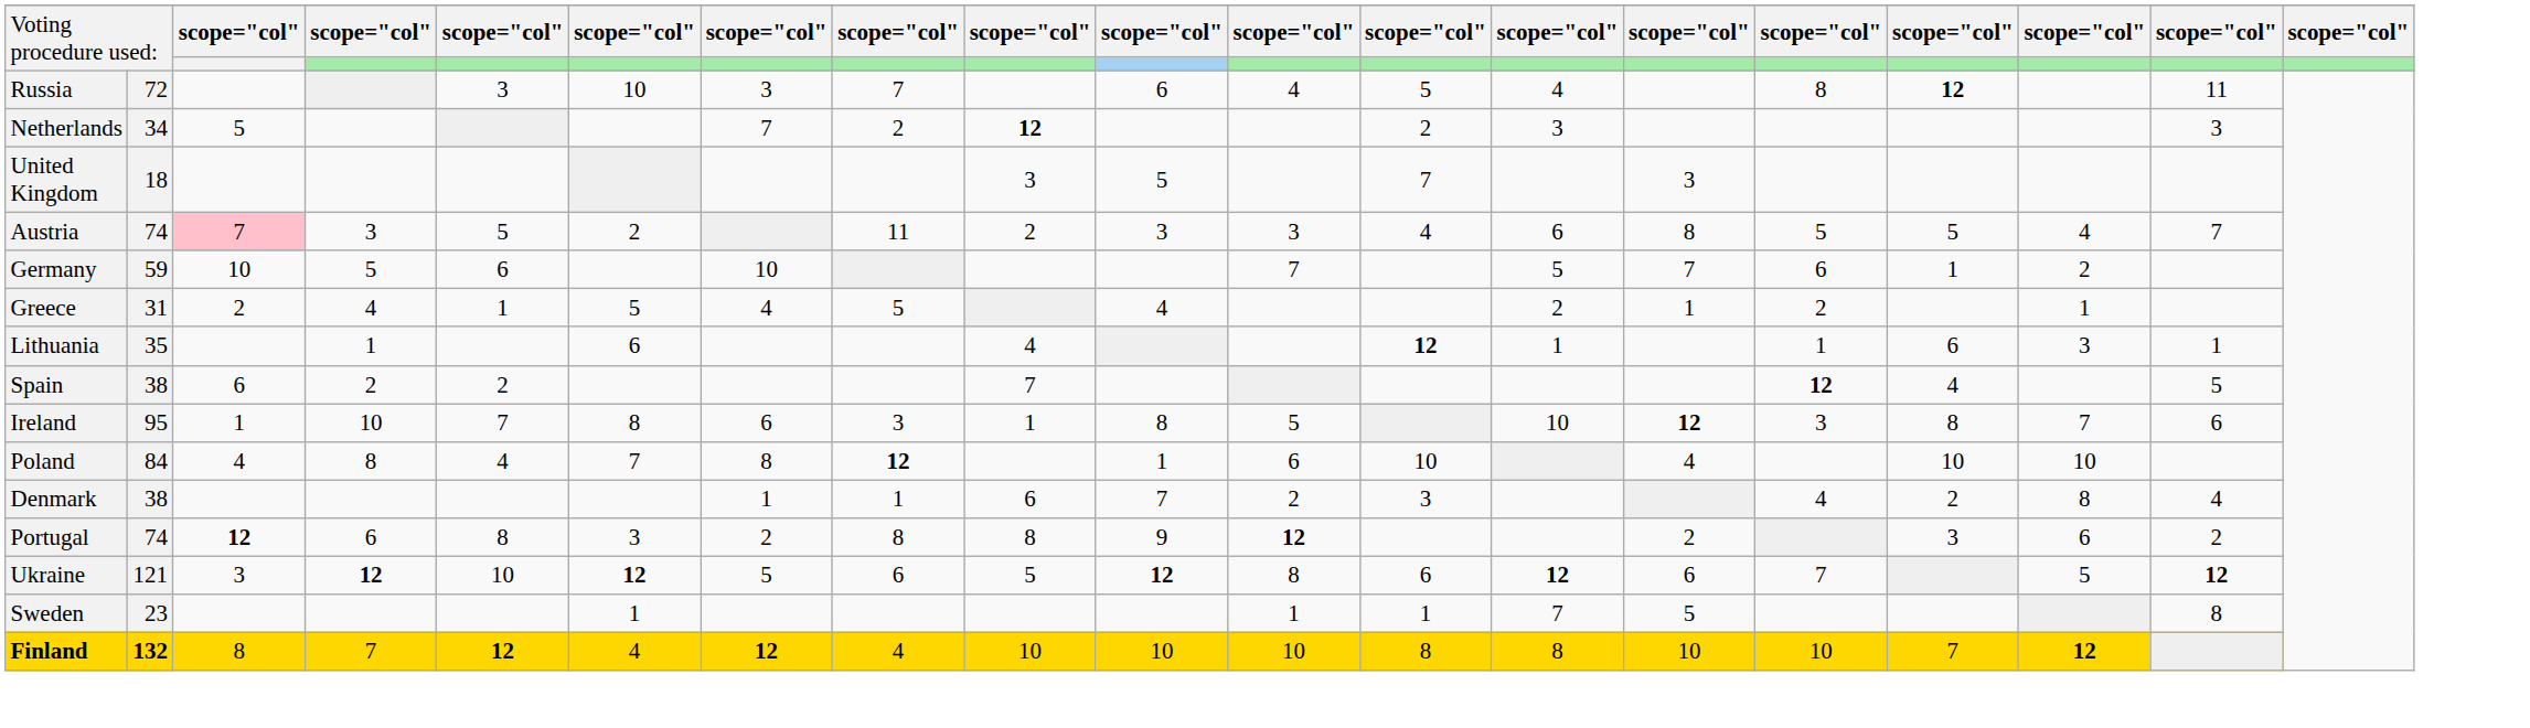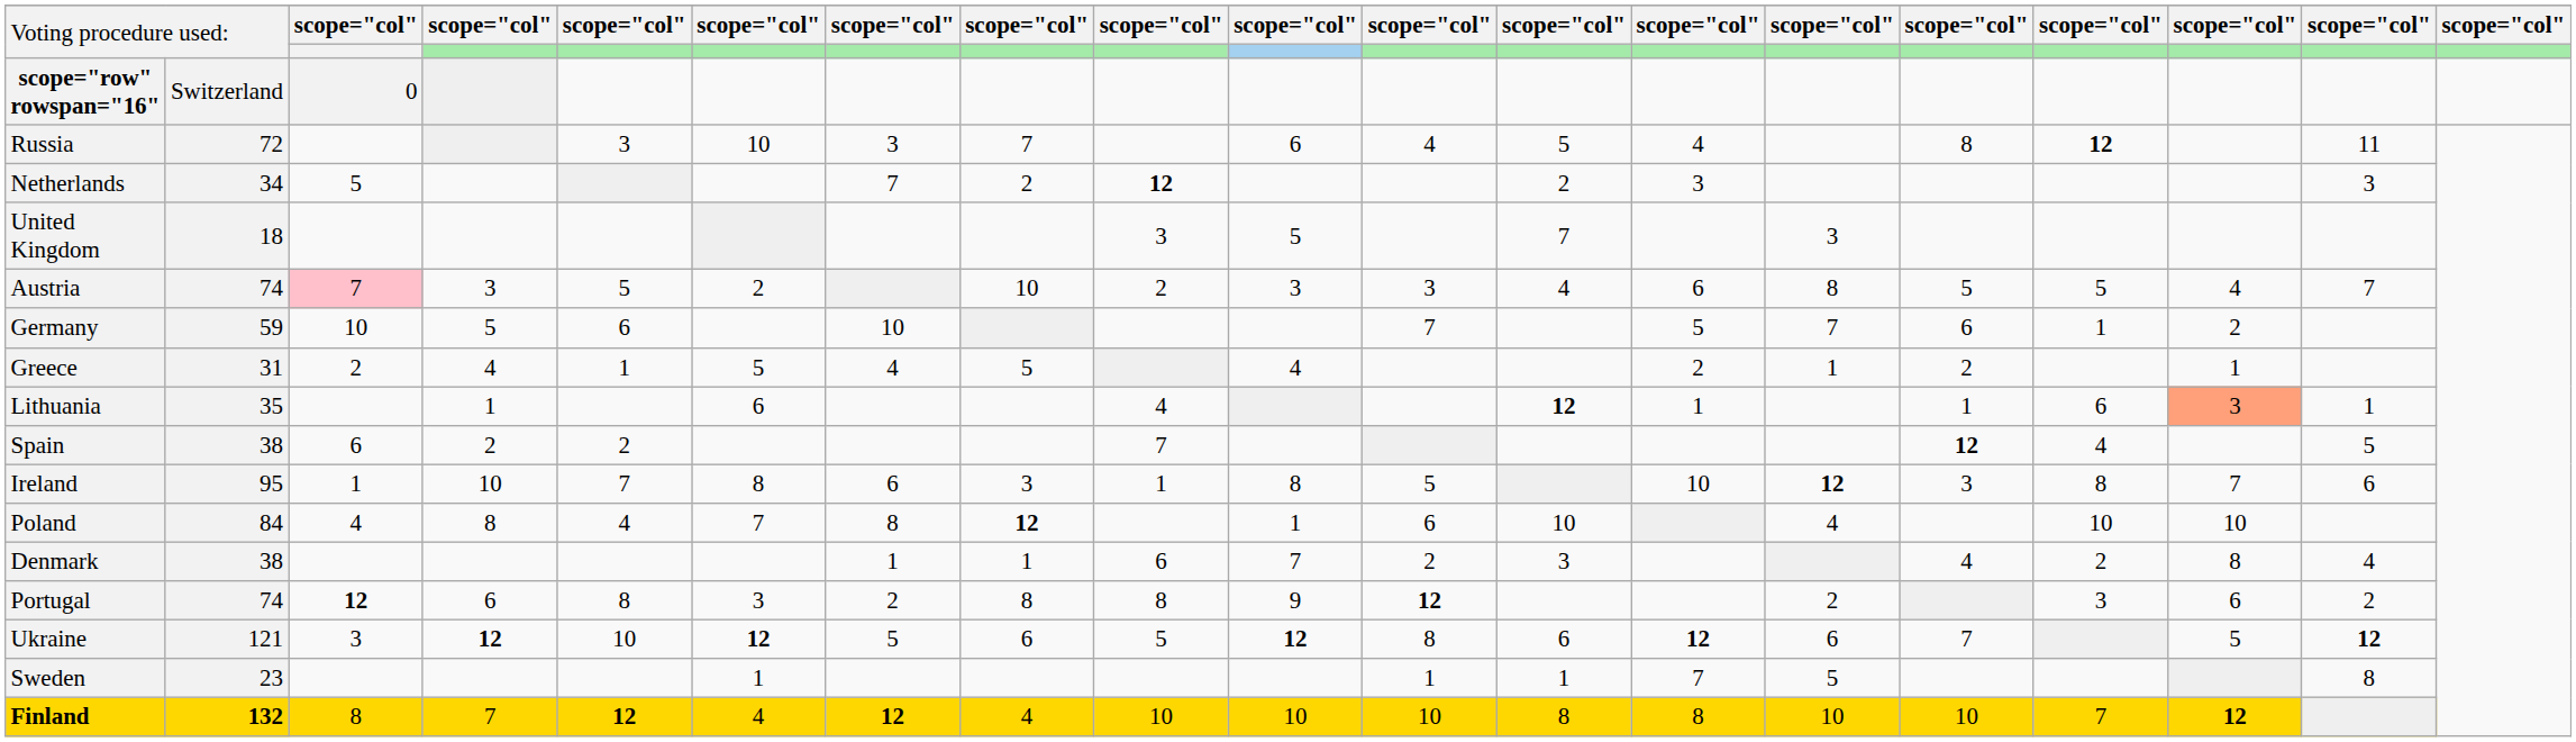 <table class="wikitable" style="text-align:center; font-size:95%;">
 <tr>
 </tr>
 <tr>
 <td colspan="2" rowspan="2" style="text-align:left; background:#F2F2F2">Voting procedure used:<br></td>
 <th>scope="col" </th>
 <th>scope="col" </th>
 <th>scope="col" </th>
 <th>scope="col" </th>
 <th>scope="col" </th>
 <th>scope="col" </th>
 <th>scope="col" </th>
 <th>scope="col" </th>
 <th>scope="col" </th>
 <th>scope="col" </th>
 <th>scope="col" </th>
 <th>scope="col" </th>
 <th>scope="col" </th>
 <th>scope="col" </th>
 <th>scope="col" </th>
 <th>scope="col" </th>
 <th>scope="col" </th>
 </tr>
 <tr>
 <th style="height:2px; border-top:1px solid transparent;"></th>
 <th style="background:#A4EAA9;"></th>
 <th style="background:#A4EAA9;"></th>
 <th style="background:#A4EAA9;"></th>
 <th style="background:#A4EAA9;"></th>
 <th style="background:#A4EAA9;"></th>
 <th style="background:#A4EAA9;"></th>
 <th style="background:#A4D1EF;"></th>
 <th style="background:#A4EAA9;"></th>
 <th style="background:#A4EAA9;"></th>
 <th style="background:#A4EAA9;"></th>
 <th style="background:#A4EAA9;"></th>
 <th style="background:#A4EAA9;"></th>
 <th style="background:#A4EAA9;"></th>
 <th style="background:#A4EAA9;"></th>
 <th style="background:#A4EAA9;"></th>
 <th style="background:#A4EAA9;"></th>
+</tr>
+<tr>
+<th>scope="row" rowspan="16" </th>
+<td style="text-align:left; background:#f2f2f2;">Switzerland</td>
+<td style="text-align:right; background:#f2f2f2;">0</td>
+<td style="text-align:left; background:#efefef;"></td>
+<td></td>
+<td></td>
+<td></td>
+<td></td>
+<td></td>
+<td></td>
+<td></td>
+<td></td>
+<td></td>
+<td></td>
+<td></td>
+<td></td>
+<td></td>
+<td></td>
+<td></td>
 </tr>
 <tr>
 <td style="text-align:left; background:#f2f2f2;">Russia</td>
 <td style="text-align:right; background:#f2f2f2;">72</td>
 <td></td>
 <td style="text-align:left; background:#efefef;"></td>
 <td>3</td>
 <td>10</td>
 <td>3</td>
 <td>7</td>
 <td></td>
 <td>6</td>
 <td>4</td>
 <td>5</td>
 <td>4</td>
 <td></td>
 <td>8</td>
 <td><strong>12</strong></td>
 <td></td>
 <td>11</td>
 </tr>
 <tr>
 <td style="text-align:left; background:#f2f2f2;">Netherlands</td>
 <td style="text-align:right; background:#f2f2f2;">34</td>
 <td>5</td>
 <td></td>
 <td style="text-align:left; background:#efefef;"></td>
 <td></td>
 <td>7</td>
 <td>2</td>
 <td><strong>12</strong></td>
 <td></td>
 <td></td>
 <td>2</td>
 <td>3</td>
 <td></td>
 <td></td>
 <td></td>
 <td></td>
 <td>3</td>
 </tr>
 <tr>
 <td style="text-align:left; background:#f2f2f2;">United Kingdom</td>
 <td style="text-align:right; background:#f2f2f2;">18</td>
 <td></td>
 <td></td>
 <td></td>
 <td style="text-align:left; background:#efefef;"></td>
 <td></td>
 <td></td>
 <td>3</td>
 <td>5</td>
 <td></td>
 <td>7</td>
 <td></td>
 <td>3</td>
 <td></td>
 <td></td>
 <td></td>
 <td></td>
 </tr>
 <tr>
 <td style="text-align:left; background:#f2f2f2;">Austria</td>
 <td style="text-align:right; background:#f2f2f2;">74</td>
 <td style="background: pink;">7</td>
 <td>3</td>
 <td>5</td>
 <td>2</td>
 <td style="text-align:left; background:#efefef;"></td>
-<td>11</td>
+<td>10</td>
 <td>2</td>
 <td>3</td>
 <td>3</td>
 <td>4</td>
 <td>6</td>
 <td>8</td>
 <td>5</td>
 <td>5</td>
 <td>4</td>
 <td>7</td>
 </tr>
 <tr>
 <td style="text-align:left; background:#f2f2f2;">Germany</td>
 <td style="text-align:right; background:#f2f2f2;">59</td>
 <td>10</td>
 <td>5</td>
 <td>6</td>
 <td></td>
 <td>10</td>
 <td style="text-align:left; background:#efefef;"></td>
 <td></td>
 <td></td>
 <td>7</td>
 <td></td>
 <td>5</td>
 <td>7</td>
 <td>6</td>
 <td>1</td>
 <td>2</td>
 <td></td>
 </tr>
 <tr>
 <td style="text-align:left; background:#f2f2f2;">Greece</td>
 <td style="text-align:right; background:#f2f2f2;">31</td>
 <td>2</td>
 <td>4</td>
 <td>1</td>
 <td>5</td>
 <td>4</td>
 <td>5</td>
 <td style="text-align:left; background:#efefef;"></td>
 <td>4</td>
 <td></td>
 <td></td>
 <td>2</td>
 <td>1</td>
 <td>2</td>
 <td></td>
 <td>1</td>
 <td></td>
 </tr>
 <tr>
 <td style="text-align:left; background:#f2f2f2;">Lithuania</td>
 <td style="text-align:right; background:#f2f2f2;">35</td>
 <td></td>
 <td>1</td>
 <td></td>
 <td>6</td>
 <td></td>
 <td></td>
 <td>4</td>
 <td style="text-align:left; background:#efefef;"></td>
 <td></td>
 <td><strong>12</strong></td>
 <td>1</td>
 <td></td>
 <td>1</td>
 <td>6</td>
-<td>3</td>
+<td style="background: lightsalmon;">3</td>
 <td>1</td>
 </tr>
 <tr>
 <td style="text-align:left; background:#f2f2f2;">Spain</td>
 <td style="text-align:right; background:#f2f2f2;">38</td>
 <td>6</td>
 <td>2</td>
 <td>2</td>
 <td></td>
 <td></td>
 <td></td>
 <td>7</td>
 <td></td>
 <td style="text-align:left; background:#efefef;"></td>
 <td></td>
 <td></td>
 <td></td>
 <td><strong>12</strong></td>
 <td>4</td>
 <td></td>
 <td>5</td>
 </tr>
 <tr>
 <td style="text-align:left; background:#f2f2f2;">Ireland</td>
 <td style="text-align:right; background:#f2f2f2;">95</td>
 <td>1</td>
 <td>10</td>
 <td>7</td>
 <td>8</td>
 <td>6</td>
 <td>3</td>
 <td>1</td>
 <td>8</td>
 <td>5</td>
 <td style="text-align:left; background:#efefef;"></td>
 <td>10</td>
 <td><strong>12</strong></td>
 <td>3</td>
 <td>8</td>
 <td>7</td>
 <td>6</td>
 </tr>
 <tr>
 <td style="text-align:left; background:#f2f2f2;">Poland</td>
 <td style="text-align:right; background:#f2f2f2;">84</td>
 <td>4</td>
 <td>8</td>
 <td>4</td>
 <td>7</td>
 <td>8</td>
 <td><strong>12</strong></td>
 <td></td>
 <td>1</td>
 <td>6</td>
 <td>10</td>
 <td style="text-align:left; background:#efefef;"></td>
 <td>4</td>
 <td></td>
 <td>10</td>
 <td>10</td>
 <td></td>
 </tr>
 <tr>
 <td style="text-align:left; background:#f2f2f2;">Denmark</td>
 <td style="text-align:right; background:#f2f2f2;">38</td>
 <td></td>
 <td></td>
 <td></td>
 <td></td>
 <td>1</td>
 <td>1</td>
 <td>6</td>
 <td>7</td>
 <td>2</td>
 <td>3</td>
 <td></td>
 <td style="text-align:left; background:#efefef;"></td>
 <td>4</td>
 <td>2</td>
 <td>8</td>
 <td>4</td>
 </tr>
 <tr>
 <td style="text-align:left; background:#f2f2f2;">Portugal</td>
 <td style="text-align:right; background:#f2f2f2;">74</td>
 <td><strong>12</strong></td>
 <td>6</td>
 <td>8</td>
 <td>3</td>
 <td>2</td>
 <td>8</td>
 <td>8</td>
 <td>9</td>
 <td><strong>12</strong></td>
 <td></td>
 <td></td>
 <td>2</td>
 <td style="text-align:left; background:#efefef;"></td>
 <td>3</td>
 <td>6</td>
 <td>2</td>
 </tr>
 <tr>
 <td style="text-align:left; background:#f2f2f2;">Ukraine</td>
 <td style="text-align:right; background:#f2f2f2;">121</td>
 <td>3</td>
 <td><strong>12</strong></td>
 <td>10</td>
 <td><strong>12</strong></td>
 <td>5</td>
 <td>6</td>
 <td>5</td>
 <td><strong>12</strong></td>
 <td>8</td>
 <td>6</td>
 <td><strong>12</strong></td>
 <td>6</td>
 <td>7</td>
 <td style="text-align:left; background:#efefef;"></td>
 <td>5</td>
 <td><strong>12</strong></td>
 </tr>
 <tr>
 <td style="text-align:left; background:#f2f2f2;">Sweden</td>
 <td style="text-align:right; background:#f2f2f2;">23</td>
 <td></td>
 <td></td>
 <td></td>
 <td>1</td>
 <td></td>
 <td></td>
 <td></td>
 <td></td>
 <td>1</td>
 <td>1</td>
 <td>7</td>
 <td>5</td>
 <td></td>
 <td></td>
 <td style="text-align:left; background:#efefef;"></td>
 <td>8</td>
 </tr>
 <tr style="background:gold;">
 <td style="text-align:left; background:gold; font-weight:bold;">Finland</td>
 <td style="text-align:right; background:gold; font-weight: bold;">132</td>
 <td>8</td>
 <td>7</td>
 <td><strong>12</strong></td>
 <td>4</td>
 <td><strong>12</strong></td>
 <td>4</td>
 <td>10</td>
 <td>10</td>
 <td>10</td>
 <td>8</td>
 <td>8</td>
 <td>10</td>
 <td>10</td>
 <td>7</td>
 <td><strong>12</strong></td>
 <td style="text-align:left; background:#efefef;"></td>
 </tr>
 </table>
